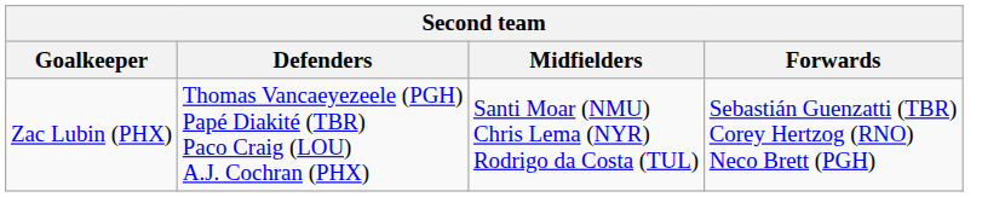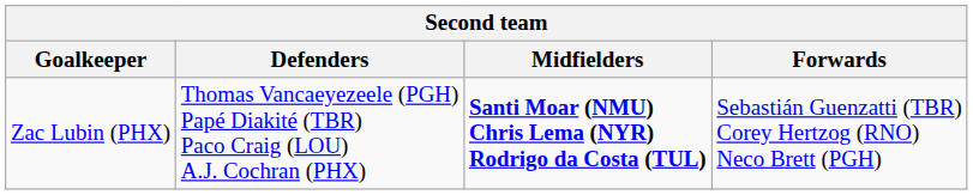 <table class="wikitable">
 <tr>
 <th colspan="4">Second team</th>
 </tr>
 <tr>
 <th>Goalkeeper</th>
 <th>Defenders</th>
 <th>Midfielders</th>
 <th>Forwards</th>
 </tr>
 <tr>
 <td> <a href='#'>Zac Lubin</a> (<a href='#'>PHX</a>)</td>
 <td> <a href='#'>Thomas Vancaeyezeele</a> (<a href='#'>PGH</a>)<br> <a href='#'>Papé Diakité</a> (<a href='#'>TBR</a>)<br> <a href='#'>Paco Craig</a> (<a href='#'>LOU</a>)<br> <a href='#'>A.J. Cochran</a> (<a href='#'>PHX</a>)</td>
-<td> <a href='#'>Santi Moar</a> (<a href='#'>NMU</a>)<br> <a href='#'>Chris Lema</a> (<a href='#'>NYR</a>)<br> <a href='#'>Rodrigo da Costa</a> (<a href='#'>TUL</a>)</td>
+<td><strong> <a href='#'>Santi Moar</a> (<a href='#'>NMU</a>)<br> <a href='#'>Chris Lema</a> (<a href='#'>NYR</a>)<br> <a href='#'>Rodrigo da Costa</a> (<a href='#'>TUL</a>)</strong></td>
 <td> <a href='#'>Sebastián Guenzatti</a> (<a href='#'>TBR</a>)<br> <a href='#'>Corey Hertzog</a> (<a href='#'>RNO</a>)<br> <a href='#'>Neco Brett</a> (<a href='#'>PGH</a>)</td>
 </tr>
 </table>
